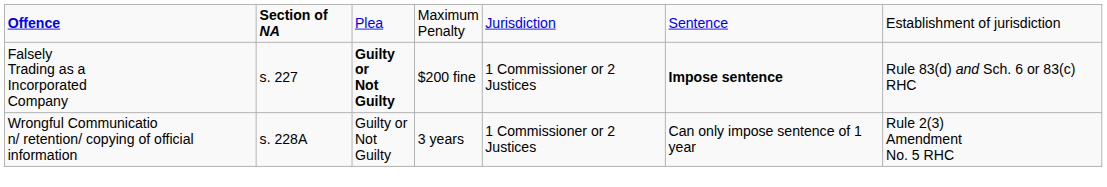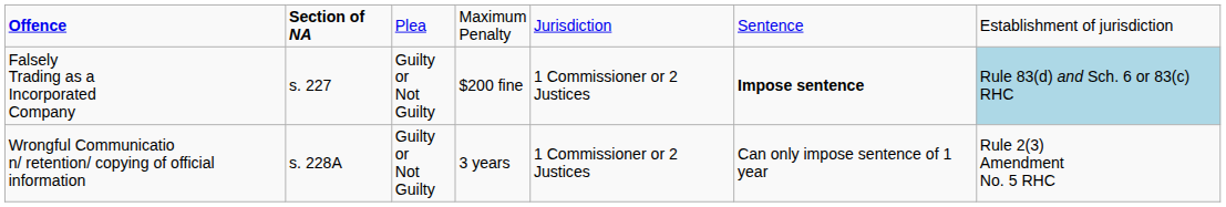 <table class="wikitable sortable mw-collapsible mw-collapsed">
 <tr>
 <td><strong><a href='#'>Offence</a></strong></td>
 <td><strong>Section of <em>NA<strong><em></td>
 <td></strong><a href='#'>Plea</a><strong></td>
 <td></strong>Maximum<strong><br></strong>Penalty<strong></td>
 <td></strong><a href='#'>Jurisdiction</a><strong></td>
 <td></strong><a href='#'>Sentence</a><strong></td>
 <td></strong>Establishment of jurisdiction<strong></td>
 </tr>
 <tr>
 <td>Falsely<br>Trading as a<br>Incorporated<br>Company</td>
 <td></em>s. 227<em></td>
-<td><strong>Guilty or<br>Not<br>Guilty</strong></td>
+<td>Guilty or<br>Not<br>Guilty</td>
 <td>$200 fine</td>
 <td>1 Commissioner or 2 Justices</td>
 <td><strong>Impose sentence</strong></td>
-<td></em>Rule 83(d)<em> and </em>Sch. 6 or 83(c) RHC<em></td>
+<td style="background: lightblue;"></em>Rule 83(d)<em> and </em>Sch. 6 or 83(c) RHC<em></td>
 </tr>
 <tr>
 <td>Wrongful Communicatio<br>n/ retention/ copying of official information</td>
 <td></em>s. 228A<em></td>
 <td>Guilty or<br>Not<br>Guilty</td>
 <td>3 years</td>
 <td>1 Commissioner or 2 Justices</td>
 <td>Can only impose sentence of 1 year</td>
 <td></em>Rule 2(3)<em><br></em>Amendment<em><br></em>No. 5 RHC<em></td>
 </tr>
 </table>
